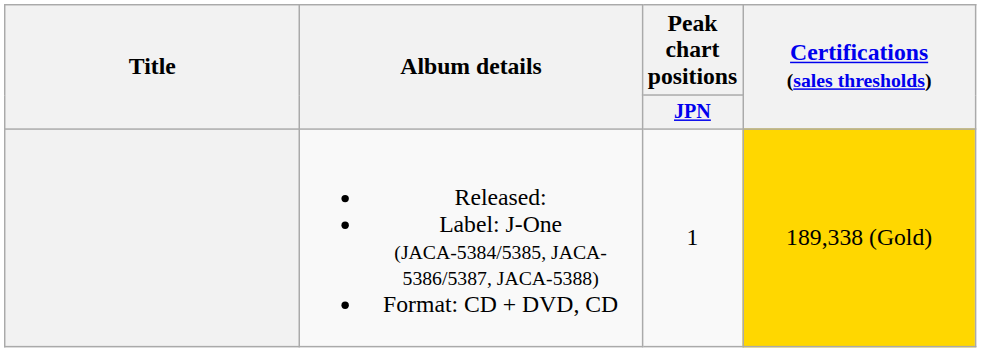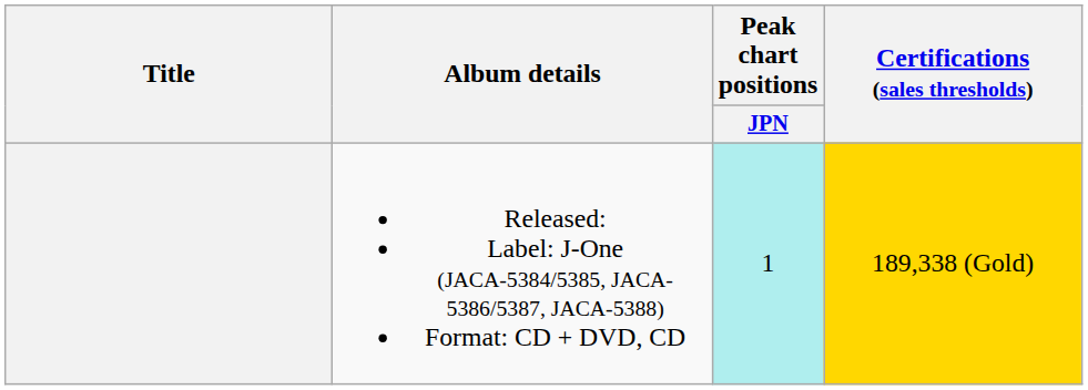 <table class="wikitable plainrowheaders" style="text-align:center;">
 <tr>
 <th scope="col" rowspan="2" style="width:12em;">Title</th>
 <th scope="col" rowspan="2" style="width:14em;">Album details</th>
 <th colspan="1">Peak chart positions</th>
 <th width="150" rowspan="2"><a href='#'>Certifications</a><br><small>(<a href='#'>sales thresholds</a>)</small></th>
 </tr>
 <tr>
 <th style="width:2.5em; font-size:85%"><a href='#'>JPN</a><br></th>
 </tr>
 <tr>
 <th scope="row"></th>
 <td><br><ul><li>Released: </li><li>Label: J-One <br><small>(JACA-5384/5385, JACA-5386/5387, JACA-5388)</small></li><li>Format: CD + DVD, CD</li></ul></td>
-<td>1</td>
+<td style="background: paleturquoise;">1</td>
 <td style="background: gold;">189,338 (Gold)</td>
 </tr>
 </table>
